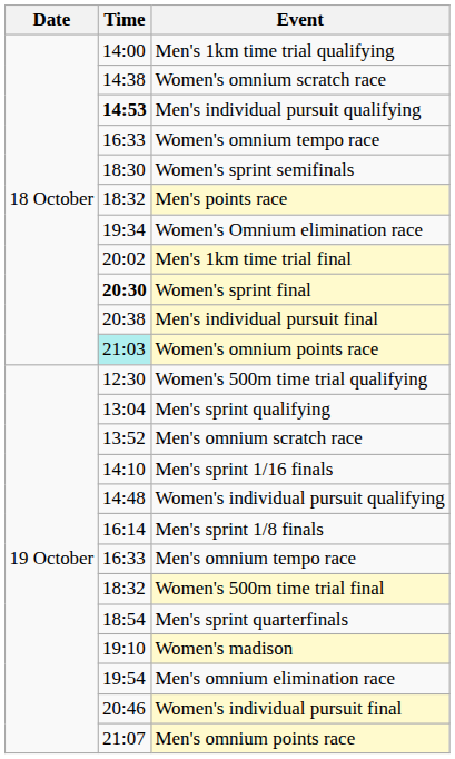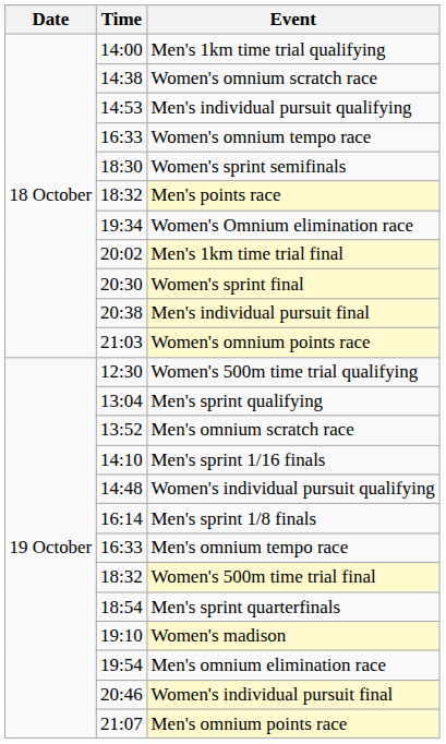 <table class="wikitable">
 <tr>
 <th>Date</th>
 <th>Time</th>
 <th>Event</th>
 </tr>
 <tr>
 <td rowspan=11>18 October</td>
 <td>14:00</td>
 <td>Men's 1km time trial qualifying</td>
 </tr>
 <tr>
 <td>14:38</td>
 <td>Women's omnium scratch race</td>
 </tr>
 <tr>
-<td><strong>14:53</strong></td>
+<td>14:53</td>
 <td>Men's individual pursuit qualifying</td>
 </tr>
 <tr>
 <td>16:33</td>
 <td>Women's omnium tempo race</td>
 </tr>
 <tr>
 <td>18:30</td>
 <td>Women's sprint semifinals</td>
 </tr>
 <tr>
 <td>18:32</td>
 <td style="background:lemonchiffon">Men's points race</td>
 </tr>
 <tr>
 <td>19:34</td>
 <td>Women's Omnium elimination race</td>
 </tr>
 <tr>
 <td>20:02</td>
 <td style="background:lemonchiffon">Men's 1km time trial final</td>
 </tr>
 <tr>
-<td><strong>20:30</strong></td>
+<td>20:30</td>
 <td style="background:lemonchiffon">Women's sprint final</td>
 </tr>
 <tr>
 <td>20:38</td>
 <td style="background:lemonchiffon">Men's individual pursuit final</td>
 </tr>
 <tr>
-<td style="background: paleturquoise;">21:03</td>
+<td>21:03</td>
 <td style="background:lemonchiffon">Women's omnium points race</td>
 </tr>
 <tr>
 <td rowspan=13>19 October</td>
 <td>12:30</td>
 <td>Women's 500m time trial qualifying</td>
 </tr>
 <tr>
 <td>13:04</td>
 <td>Men's sprint qualifying</td>
 </tr>
 <tr>
 <td>13:52</td>
 <td>Men's omnium scratch race</td>
 </tr>
 <tr>
 <td>14:10</td>
 <td>Men's sprint 1/16 finals</td>
 </tr>
 <tr>
 <td>14:48</td>
 <td>Women's individual pursuit qualifying</td>
 </tr>
 <tr>
 <td>16:14</td>
 <td>Men's sprint 1/8 finals</td>
 </tr>
 <tr>
 <td>16:33</td>
 <td>Men's omnium tempo race</td>
 </tr>
 <tr>
 <td>18:32</td>
 <td style="background:lemonchiffon">Women's 500m time trial final</td>
 </tr>
 <tr>
 <td>18:54</td>
 <td>Men's sprint quarterfinals</td>
 </tr>
 <tr>
 <td>19:10</td>
 <td style="background:lemonchiffon">Women's madison</td>
 </tr>
 <tr>
 <td>19:54</td>
 <td>Men's omnium elimination race</td>
 </tr>
 <tr>
 <td>20:46</td>
 <td style="background:lemonchiffon">Women's individual pursuit final</td>
 </tr>
 <tr>
 <td>21:07</td>
 <td style="background:lemonchiffon">Men's omnium points race</td>
 </tr>
 </table>
